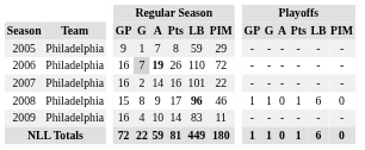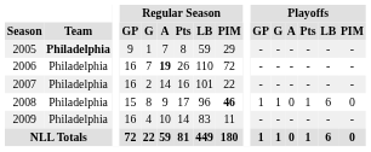 <table BORDER="0" CELLPADDING="3" CELLSPACING="0">
 <tr ALIGN="center" bgcolor="#e0e0e0">
 <th colspan="2" bgcolor="#ffffff"> </th>
 <th rowspan="99" bgcolor="#ffffff"> </th>
 <th colspan="6">Regular Season</th>
 <th rowspan="99" bgcolor="#ffffff"> </th>
 <th colspan="6">Playoffs</th>
 </tr>
 <tr ALIGN="center" bgcolor="#e0e0e0">
 <th>Season</th>
 <th>Team</th>
 <th>GP</th>
 <th>G</th>
 <th>A</th>
 <th>Pts</th>
 <th>LB</th>
 <th>PIM</th>
 <th>GP</th>
 <th>G</th>
 <th>A</th>
 <th>Pts</th>
 <th>LB</th>
 <th>PIM</th>
 </tr>
 <tr ALIGN="center" bgcolor="#f0f0f0">
 <td>2005</td>
-<td>Philadelphia</td>
+<td><strong>Philadelphia</strong></td>
 <td>9</td>
 <td>1</td>
 <td>7</td>
 <td>8</td>
 <td>59</td>
 <td>29</td>
 <td>-</td>
 <td>-</td>
 <td>-</td>
 <td>-</td>
 <td>-</td>
 <td>-</td>
 </tr>
 <tr ALIGN="center">
 <td>2006</td>
 <td>Philadelphia</td>
 <td>16</td>
-<td style="background: lightgrey;">7</td>
+<td>7</td>
 <td><strong>19</strong></td>
 <td>26</td>
 <td>110</td>
 <td>72</td>
 <td>-</td>
 <td>-</td>
 <td>-</td>
 <td>-</td>
 <td>-</td>
 <td>-</td>
 </tr>
 <tr ALIGN="center" bgcolor="#f0f0f0">
 <td>2007</td>
 <td>Philadelphia</td>
 <td>16</td>
 <td>2</td>
 <td>14</td>
 <td>16</td>
 <td>101</td>
 <td>22</td>
 <td>-</td>
 <td>-</td>
 <td>-</td>
 <td>-</td>
 <td>-</td>
 <td>-</td>
 </tr>
 <tr ALIGN="center">
 <td>2008</td>
 <td>Philadelphia</td>
 <td>15</td>
 <td>8</td>
 <td>9</td>
 <td>17</td>
-<td><strong>96</strong></td>
-<td>46</td>
+<td>96</td>
+<td><strong>46</strong></td>
 <td>1</td>
 <td>1</td>
 <td>0</td>
 <td>1</td>
 <td>6</td>
 <td>0</td>
 </tr>
 <tr ALIGN="center" bgcolor="#f0f0f0">
 <td>2009</td>
 <td>Philadelphia</td>
 <td>16</td>
 <td>4</td>
 <td>10</td>
 <td>14</td>
 <td>83</td>
 <td>11</td>
 <td>-</td>
 <td>-</td>
 <td>-</td>
 <td>-</td>
 <td>-</td>
 <td>-</td>
 </tr>
 <tr ALIGN="center" bgcolor="#e0e0e0">
 <th colspan="2">NLL Totals</th>
 <th>72</th>
 <th>22</th>
 <th>59</th>
 <th>81</th>
 <th>449</th>
 <th>180</th>
 <th>1</th>
 <th>1</th>
 <th>0</th>
 <th>1</th>
 <th>6</th>
 <th>0</th>
 </tr>
 </table>
